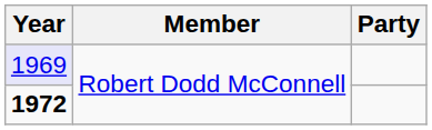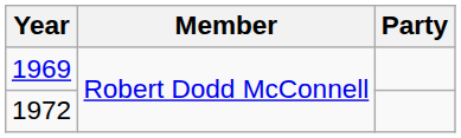 <table class="wikitable">
 <tr>
 <th>Year</th>
 <th>Member</th>
 <th colspan=2>Party</th>
 </tr>
 <tr>
-<td style="background: lavender;"><a href='#'>1969</a></td>
+<td><a href='#'>1969</a></td>
 <td rowspan="2"><a href='#'>Robert Dodd McConnell</a></td>
 <td></td>
 </tr>
 <tr>
-<td><strong>1972</strong></td>
+<td>1972</td>
 <td></td>
 </tr>
 </table>
